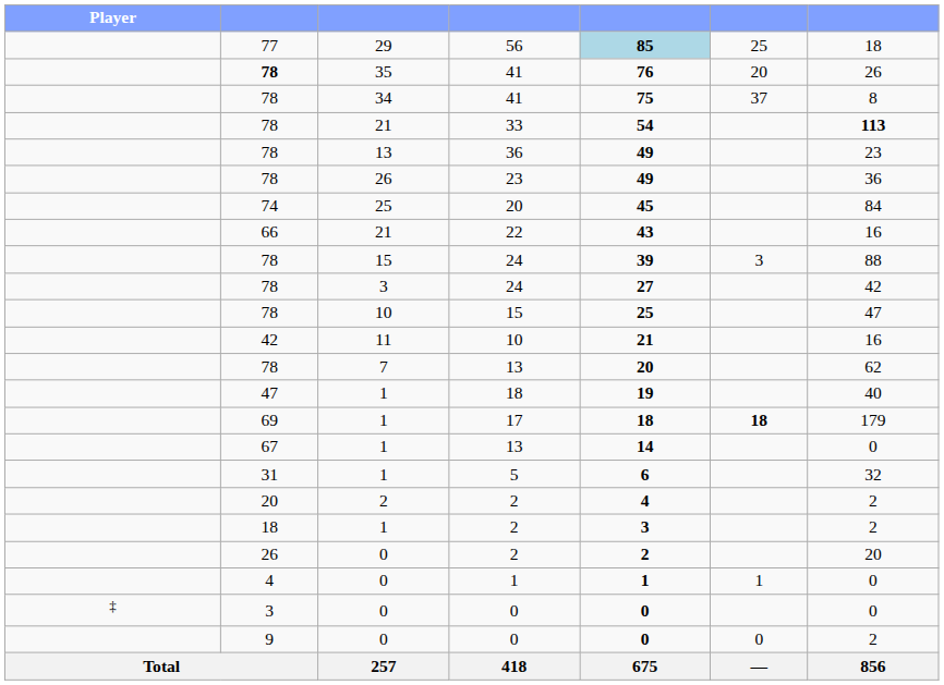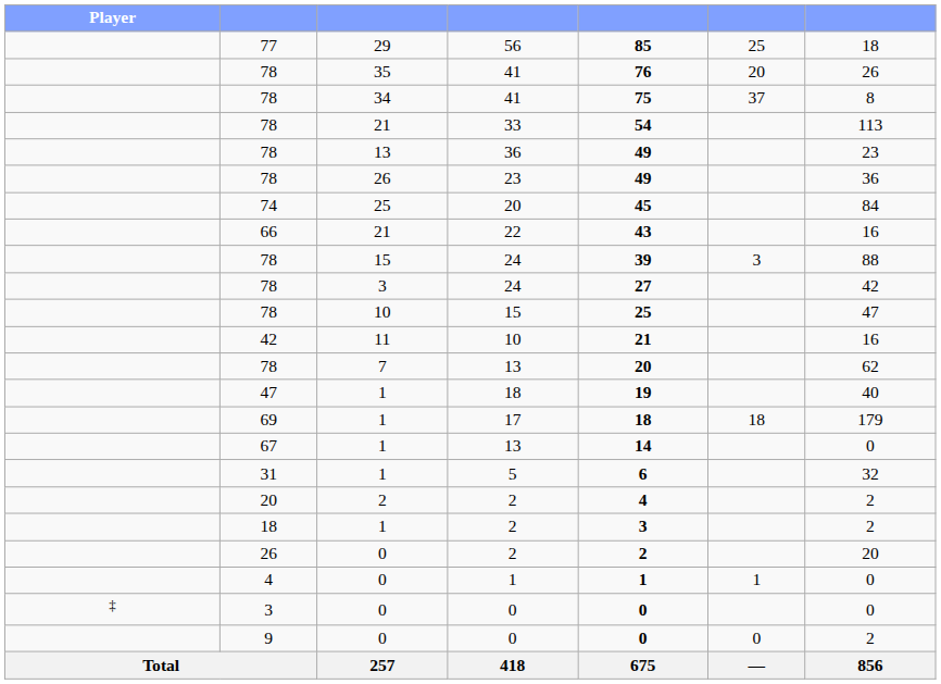 <table class="wikitable sortable" style="width:100%; text-align:center;">
 <tr align=center>
 <th style="color:white; background:#80A0FF; ">Player</th>
 <th style="color:white; background:#80A0FF; "></th>
 <th style="color:white; background:#80A0FF; "></th>
 <th style="color:white; background:#80A0FF; "></th>
 <th style="color:white; background:#80A0FF; "></th>
 <th style="color:white; background:#80A0FF; "></th>
 <th style="color:white; background:#80A0FF; "></th>
 </tr>
 <tr>
 <td></td>
 <td>77</td>
 <td>29</td>
 <td>56</td>
-<td style="background: lightblue;"><strong>85</strong></td>
+<td><strong>85</strong></td>
 <td>25</td>
 <td>18</td>
 </tr>
 <tr>
 <td></td>
-<td><strong>78</strong></td>
+<td>78</td>
 <td>35</td>
 <td>41</td>
 <td><strong>76</strong></td>
 <td>20</td>
 <td>26</td>
 </tr>
 <tr>
 <td></td>
 <td>78</td>
 <td>34</td>
 <td>41</td>
 <td><strong>75</strong></td>
 <td>37</td>
 <td>8</td>
 </tr>
 <tr>
 <td></td>
 <td>78</td>
 <td>21</td>
 <td>33</td>
 <td><strong>54</strong></td>
 <td></td>
-<td><strong>113</strong></td>
+<td>113</td>
 </tr>
 <tr>
 <td></td>
 <td>78</td>
 <td>13</td>
 <td>36</td>
 <td><strong>49</strong></td>
 <td></td>
 <td>23</td>
 </tr>
 <tr>
 <td></td>
 <td>78</td>
 <td>26</td>
 <td>23</td>
 <td><strong>49</strong></td>
 <td></td>
 <td>36</td>
 </tr>
 <tr>
 <td></td>
 <td>74</td>
 <td>25</td>
 <td>20</td>
 <td><strong>45</strong></td>
 <td></td>
 <td>84</td>
 </tr>
 <tr>
 <td></td>
 <td>66</td>
 <td>21</td>
 <td>22</td>
 <td><strong>43</strong></td>
 <td></td>
 <td>16</td>
 </tr>
 <tr>
 <td></td>
 <td>78</td>
 <td>15</td>
 <td>24</td>
 <td><strong>39</strong></td>
 <td>3</td>
 <td>88</td>
 </tr>
 <tr>
 <td></td>
 <td>78</td>
 <td>3</td>
 <td>24</td>
 <td><strong>27</strong></td>
 <td></td>
 <td>42</td>
 </tr>
 <tr>
 <td></td>
 <td>78</td>
 <td>10</td>
 <td>15</td>
 <td><strong>25</strong></td>
 <td></td>
 <td>47</td>
 </tr>
 <tr>
 <td></td>
 <td>42</td>
 <td>11</td>
 <td>10</td>
 <td><strong>21</strong></td>
 <td></td>
 <td>16</td>
 </tr>
 <tr>
 <td></td>
 <td>78</td>
 <td>7</td>
 <td>13</td>
 <td><strong>20</strong></td>
 <td></td>
 <td>62</td>
 </tr>
 <tr>
 <td></td>
 <td>47</td>
 <td>1</td>
 <td>18</td>
 <td><strong>19</strong></td>
 <td></td>
 <td>40</td>
 </tr>
 <tr>
 <td></td>
 <td>69</td>
 <td>1</td>
 <td>17</td>
 <td><strong>18</strong></td>
-<td><strong>18</strong></td>
+<td>18</td>
 <td>179</td>
 </tr>
 <tr>
 <td></td>
 <td>67</td>
 <td>1</td>
 <td>13</td>
 <td><strong>14</strong></td>
 <td></td>
 <td>0</td>
 </tr>
 <tr>
 <td></td>
 <td>31</td>
 <td>1</td>
 <td>5</td>
 <td><strong>6</strong></td>
 <td></td>
 <td>32</td>
 </tr>
 <tr>
 <td></td>
 <td>20</td>
 <td>2</td>
 <td>2</td>
 <td><strong>4</strong></td>
 <td></td>
 <td>2</td>
 </tr>
 <tr>
 <td></td>
 <td>18</td>
 <td>1</td>
 <td>2</td>
 <td><strong>3</strong></td>
 <td></td>
 <td>2</td>
 </tr>
 <tr>
 <td></td>
 <td>26</td>
 <td>0</td>
 <td>2</td>
 <td><strong>2</strong></td>
 <td></td>
 <td>20</td>
 </tr>
 <tr>
 <td></td>
 <td>4</td>
 <td>0</td>
 <td>1</td>
 <td><strong>1</strong></td>
 <td>1</td>
 <td>0</td>
 </tr>
 <tr>
 <td><sup>‡</sup></td>
 <td>3</td>
 <td>0</td>
 <td>0</td>
 <td><strong>0</strong></td>
 <td></td>
 <td>0</td>
 </tr>
 <tr>
 <td></td>
 <td>9</td>
 <td>0</td>
 <td>0</td>
 <td><strong>0</strong></td>
 <td>0</td>
 <td>2</td>
 </tr>
 <tr class="sortbottom">
 <th colspan=2>Total</th>
 <th>257</th>
 <th>418</th>
 <th>675</th>
 <th>—</th>
 <th>856</th>
 </tr>
 </table>
